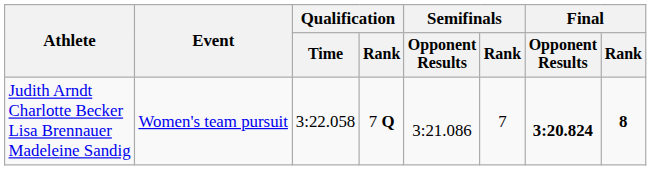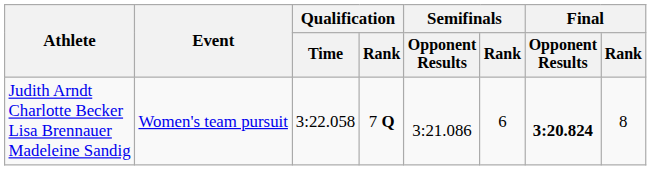 <table class="wikitable" style="font-size:90%">
 <tr>
 <th rowspan=2>Athlete</th>
 <th rowspan=2>Event</th>
 <th colspan=2>Qualification</th>
 <th colspan=2>Semifinals</th>
 <th colspan=2>Final</th>
 </tr>
 <tr style="font-size:95%">
 <th>Time</th>
 <th>Rank</th>
 <th>Opponent<br>Results</th>
 <th>Rank</th>
 <th>Opponent<br>Results</th>
 <th>Rank</th>
 </tr>
 <tr align=center>
 <td align=left><a href='#'>Judith Arndt</a><br><a href='#'>Charlotte Becker</a><br><a href='#'>Lisa Brennauer</a><br><a href='#'>Madeleine Sandig</a></td>
 <td align=left><a href='#'>Women's team pursuit</a></td>
 <td>3:22.058</td>
 <td>7 <strong>Q</strong></td>
 <td><br>3:21.086</td>
-<td>7</td>
+<td>6</td>
 <td><strong><br>3:20.824</strong></td>
-<td><strong>8</strong></td>
+<td>8</td>
 </tr>
 </table>
